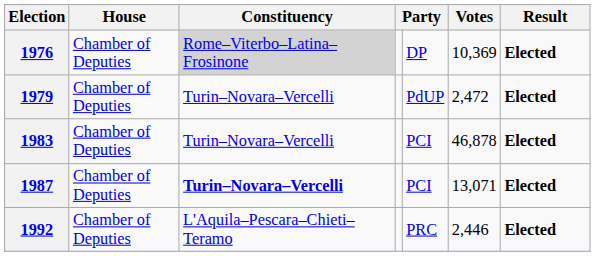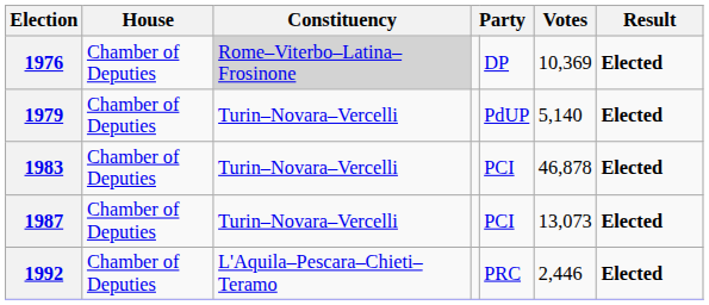 <table class=wikitable style="width:65%; border:1px #AAAAFF solid">
 <tr>
 <th width=10%>Election</th>
 <th width=20%>House</th>
 <th width=40%>Constituency</th>
 <th width=5% colspan="2">Party</th>
 <th width=9%>Votes</th>
 <th width=22%>Result</th>
 </tr>
 <tr>
 <th><a href='#'>1976</a></th>
 <td><a href='#'>Chamber of Deputies</a></td>
 <td style="background: lightgrey;"><a href='#'>Rome–Viterbo–Latina–Frosinone</a></td>
 <td></td>
 <td><a href='#'>DP</a></td>
 <td>10,369</td>
 <td> <strong>Elected</strong></td>
 </tr>
 <tr>
 <th><a href='#'>1979</a></th>
 <td><a href='#'>Chamber of Deputies</a></td>
 <td><a href='#'>Turin–Novara–Vercelli</a></td>
 <td></td>
 <td><a href='#'>PdUP</a></td>
-<td>2,472</td>
+<td>5,140</td>
 <td> <strong>Elected</strong></td>
 </tr>
 <tr>
 <th><a href='#'>1983</a></th>
 <td><a href='#'>Chamber of Deputies</a></td>
 <td><a href='#'>Turin–Novara–Vercelli</a></td>
 <td></td>
 <td><a href='#'>PCI</a></td>
 <td>46,878</td>
 <td> <strong>Elected</strong></td>
 </tr>
 <tr>
 <th><a href='#'>1987</a></th>
 <td><a href='#'>Chamber of Deputies</a></td>
-<td><strong><a href='#'>Turin–Novara–Vercelli</a></strong></td>
+<td><a href='#'>Turin–Novara–Vercelli</a></td>
 <td></td>
 <td><a href='#'>PCI</a></td>
-<td>13,071</td>
+<td>13,073</td>
 <td> <strong>Elected</strong></td>
 </tr>
 <tr>
 <th><a href='#'>1992</a></th>
 <td><a href='#'>Chamber of Deputies</a></td>
 <td><a href='#'>L'Aquila–Pescara–Chieti–Teramo</a></td>
 <td></td>
 <td><a href='#'>PRC</a></td>
 <td>2,446</td>
 <td> <strong>Elected</strong></td>
 </tr>
 <tr>
 </tr>
 </table>
